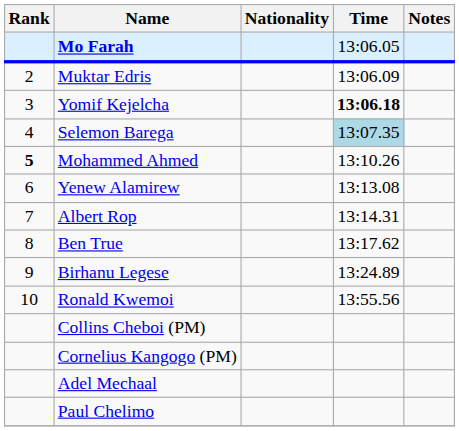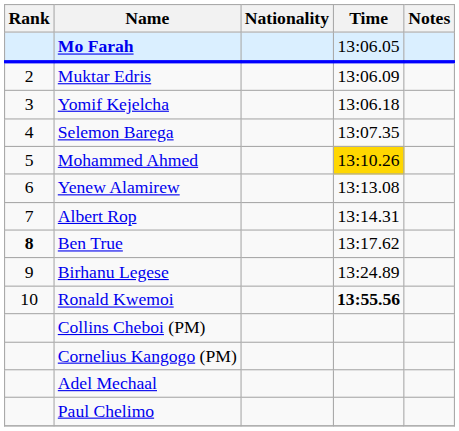 <table class="wikitable sortable" style="text-align:center">
 <tr>
 <th>Rank</th>
 <th>Name</th>
 <th>Nationality</th>
 <th>Time</th>
 <th>Notes</th>
 </tr>
 <tr bgcolor=#daefff>
 <td></td>
 <td align=left><strong><a href='#'>Mo Farah</a></strong></td>
 <td align=left><strong></strong></td>
 <td>13:06.05</td>
 <td></td>
 </tr>
 <tr style="border-top:3px solid blue;">
 <td>2</td>
 <td align=left><a href='#'>Muktar Edris</a></td>
 <td align=left></td>
 <td>13:06.09</td>
 <td></td>
 </tr>
 <tr>
 <td>3</td>
 <td align=left><a href='#'>Yomif Kejelcha</a></td>
 <td align=left></td>
-<td><strong>13:06.18</strong></td>
+<td>13:06.18</td>
 <td></td>
 </tr>
 <tr>
 <td>4</td>
 <td align=left><a href='#'>Selemon Barega</a></td>
 <td align=left></td>
-<td style="background: lightblue;">13:07.35</td>
+<td>13:07.35</td>
 <td></td>
 </tr>
 <tr>
-<td><strong>5</strong></td>
+<td>5</td>
 <td align=left><a href='#'>Mohammed Ahmed</a></td>
 <td align=left></td>
-<td>13:10.26</td>
+<td style="background: gold;">13:10.26</td>
 <td></td>
 </tr>
 <tr>
 <td>6</td>
 <td align=left><a href='#'>Yenew Alamirew</a></td>
 <td align=left></td>
 <td>13:13.08</td>
 <td></td>
 </tr>
 <tr>
 <td>7</td>
 <td align=left><a href='#'>Albert Rop</a></td>
 <td align=left></td>
 <td>13:14.31</td>
 <td></td>
 </tr>
 <tr>
-<td>8</td>
+<td><strong>8</strong></td>
 <td align=left><a href='#'>Ben True</a></td>
 <td align=left></td>
 <td>13:17.62</td>
 <td></td>
 </tr>
 <tr>
 <td>9</td>
 <td align=left><a href='#'>Birhanu Legese</a></td>
 <td align=left></td>
 <td>13:24.89</td>
 <td></td>
 </tr>
 <tr>
 <td>10</td>
 <td align=left><a href='#'>Ronald Kwemoi</a></td>
 <td align=left></td>
-<td>13:55.56</td>
+<td><strong>13:55.56</strong></td>
 <td></td>
 </tr>
 <tr>
 <td></td>
 <td align=left><a href='#'>Collins Cheboi</a> (PM)</td>
 <td align=left></td>
 <td></td>
 <td></td>
 </tr>
 <tr>
 <td></td>
 <td align=left><a href='#'>Cornelius Kangogo</a> (PM)</td>
 <td align=left></td>
 <td></td>
 <td></td>
 </tr>
 <tr>
 <td></td>
 <td align=left><a href='#'>Adel Mechaal</a></td>
 <td align=left></td>
 <td></td>
 <td></td>
 </tr>
 <tr>
 <td></td>
 <td align=left><a href='#'>Paul Chelimo</a></td>
 <td align=left></td>
 <td></td>
 <td></td>
 </tr>
 <tr>
 </tr>
 </table>
